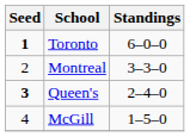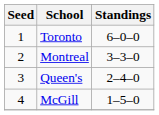 <table class="wikitable">
 <tr>
 <th>Seed</th>
 <th>School</th>
 <th>Standings</th>
 </tr>
 <tr>
-<td align=center><strong>1</strong></td>
+<td align=center>1</td>
 <td><a href='#'>Toronto</a></td>
 <td align=center>6–0–0</td>
 </tr>
 <tr>
 <td align=center>2</td>
 <td><a href='#'>Montreal</a></td>
 <td align=center>3–3–0</td>
 </tr>
 <tr>
-<td align=center><strong>3</strong></td>
+<td align=center>3</td>
 <td><a href='#'>Queen's</a></td>
 <td align=center>2–4–0</td>
 </tr>
 <tr>
 <td align=center>4</td>
 <td><a href='#'>McGill</a></td>
 <td align=center>1–5–0</td>
 </tr>
 <tr>
 </tr>
 </table>
